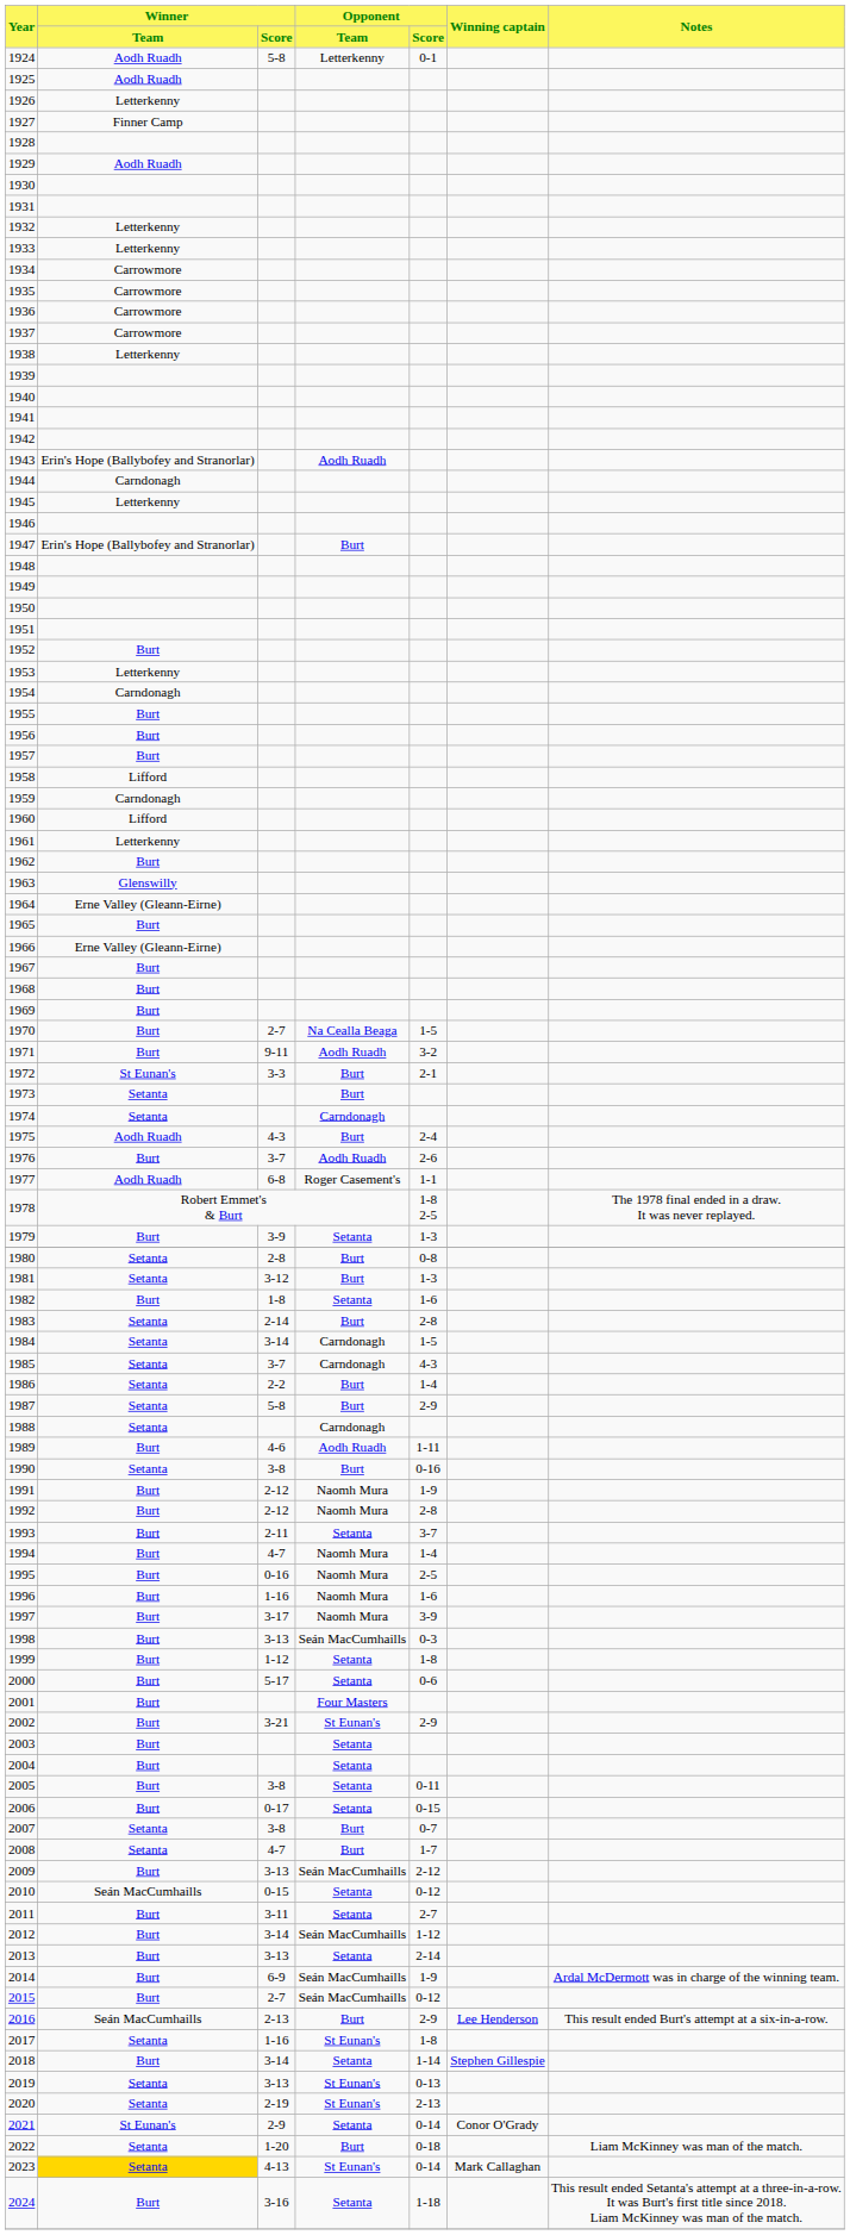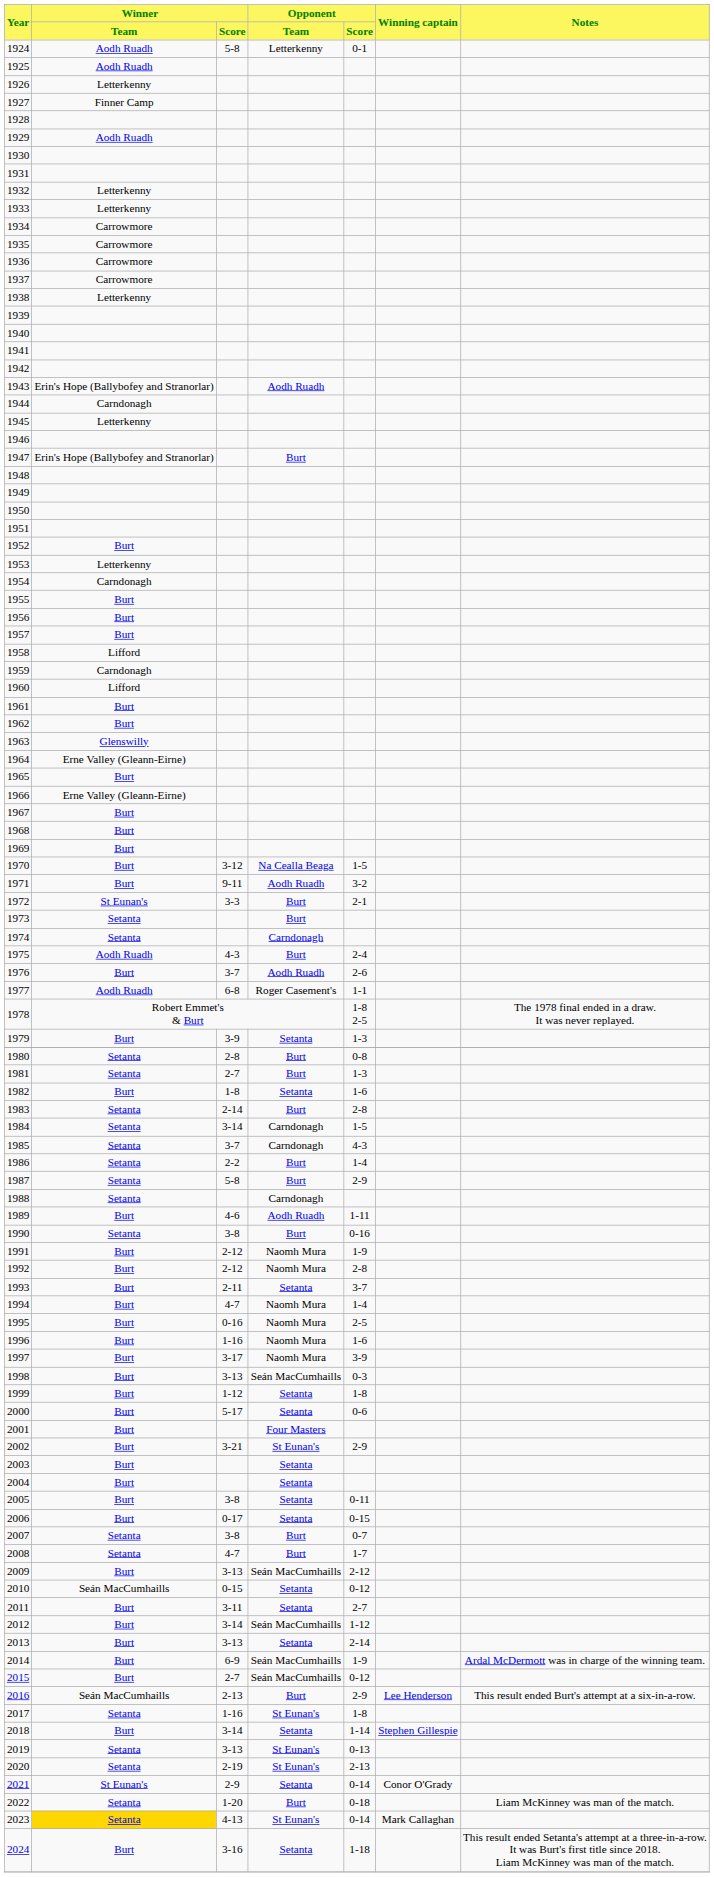 <table class="wikitable sortable" style="text-align:center;">
 <tr>
 <th rowspan="2" style="background:#FCF75E;color:green;">Year</th>
 <th colspan="2" style="background:#FCF75E;color:green;">Winner</th>
 <th colspan="2" style="background:#FCF75E;color:green;">Opponent</th>
 <th rowspan="2" style="background:#FCF75E;color:green;">Winning captain</th>
 <th rowspan="2" style="background:#FCF75E;color:green;">Notes</th>
 </tr>
 <tr>
 <th style="background:#FCF75E;color:green;">Team</th>
 <th style="background:#FCF75E;color:green;">Score</th>
 <th style="background:#FCF75E;color:green;">Team</th>
 <th style="background:#FCF75E;color:green;">Score<br></th>
 </tr>
 <tr>
 <td>1924</td>
 <td><a href='#'>Aodh Ruadh</a></td>
 <td>5-8</td>
 <td>Letterkenny</td>
 <td>0-1</td>
 <td></td>
 <td></td>
 </tr>
 <tr>
 <td>1925</td>
 <td><a href='#'>Aodh Ruadh</a></td>
 <td></td>
 <td></td>
 <td></td>
 <td></td>
 <td></td>
 </tr>
 <tr>
 <td>1926</td>
 <td>Letterkenny</td>
 <td></td>
 <td></td>
 <td></td>
 <td></td>
 <td></td>
 </tr>
 <tr>
 <td>1927</td>
 <td>Finner Camp</td>
 <td></td>
 <td></td>
 <td></td>
 <td></td>
 <td></td>
 </tr>
 <tr>
 <td>1928</td>
 <td></td>
 <td></td>
 <td></td>
 <td></td>
 <td></td>
 <td></td>
 </tr>
 <tr>
 <td>1929</td>
 <td><a href='#'>Aodh Ruadh</a></td>
 <td></td>
 <td></td>
 <td></td>
 <td></td>
 <td><br></td>
 </tr>
 <tr>
 <td>1930</td>
 <td></td>
 <td></td>
 <td></td>
 <td></td>
 <td></td>
 <td></td>
 </tr>
 <tr>
 <td>1931</td>
 <td></td>
 <td></td>
 <td></td>
 <td></td>
 <td></td>
 <td></td>
 </tr>
 <tr>
 <td>1932</td>
 <td>Letterkenny</td>
 <td></td>
 <td></td>
 <td></td>
 <td></td>
 <td></td>
 </tr>
 <tr>
 <td>1933</td>
 <td>Letterkenny</td>
 <td></td>
 <td></td>
 <td></td>
 <td></td>
 <td></td>
 </tr>
 <tr>
 <td>1934</td>
 <td>Carrowmore</td>
 <td></td>
 <td></td>
 <td></td>
 <td></td>
 <td></td>
 </tr>
 <tr>
 <td>1935</td>
 <td>Carrowmore</td>
 <td></td>
 <td></td>
 <td></td>
 <td></td>
 <td></td>
 </tr>
 <tr>
 <td>1936</td>
 <td>Carrowmore</td>
 <td></td>
 <td></td>
 <td></td>
 <td></td>
 <td></td>
 </tr>
 <tr>
 <td>1937</td>
 <td>Carrowmore</td>
 <td></td>
 <td></td>
 <td></td>
 <td></td>
 <td></td>
 </tr>
 <tr>
 <td>1938</td>
 <td>Letterkenny</td>
 <td></td>
 <td></td>
 <td></td>
 <td></td>
 <td></td>
 </tr>
 <tr>
 <td>1939</td>
 <td></td>
 <td></td>
 <td></td>
 <td></td>
 <td></td>
 <td><br></td>
 </tr>
 <tr>
 <td>1940</td>
 <td></td>
 <td></td>
 <td></td>
 <td></td>
 <td></td>
 <td></td>
 </tr>
 <tr>
 <td>1941</td>
 <td></td>
 <td></td>
 <td></td>
 <td></td>
 <td></td>
 <td></td>
 </tr>
 <tr>
 <td>1942</td>
 <td></td>
 <td></td>
 <td></td>
 <td></td>
 <td></td>
 <td></td>
 </tr>
 <tr>
 <td>1943</td>
 <td>Erin's Hope (Ballybofey and Stranorlar)</td>
 <td></td>
 <td><a href='#'>Aodh Ruadh</a></td>
 <td></td>
 <td></td>
 <td></td>
 </tr>
 <tr>
 <td>1944</td>
 <td>Carndonagh</td>
 <td></td>
 <td></td>
 <td></td>
 <td></td>
 <td></td>
 </tr>
 <tr>
 <td>1945</td>
 <td>Letterkenny</td>
 <td></td>
 <td></td>
 <td></td>
 <td></td>
 <td></td>
 </tr>
 <tr>
 <td>1946</td>
 <td></td>
 <td></td>
 <td></td>
 <td></td>
 <td></td>
 <td></td>
 </tr>
 <tr>
 <td>1947</td>
 <td>Erin's Hope (Ballybofey and Stranorlar)</td>
 <td></td>
 <td><a href='#'>Burt</a></td>
 <td></td>
 <td></td>
 <td></td>
 </tr>
 <tr>
 <td>1948</td>
 <td></td>
 <td></td>
 <td></td>
 <td></td>
 <td></td>
 <td></td>
 </tr>
 <tr>
 <td>1949</td>
 <td></td>
 <td></td>
 <td></td>
 <td></td>
 <td></td>
 <td><br></td>
 </tr>
 <tr>
 <td>1950</td>
 <td></td>
 <td></td>
 <td></td>
 <td></td>
 <td></td>
 <td></td>
 </tr>
 <tr>
 <td>1951</td>
 <td></td>
 <td></td>
 <td></td>
 <td></td>
 <td></td>
 <td></td>
 </tr>
 <tr>
 <td>1952</td>
 <td><a href='#'>Burt</a></td>
 <td></td>
 <td></td>
 <td></td>
 <td></td>
 <td></td>
 </tr>
 <tr>
 <td>1953</td>
 <td>Letterkenny</td>
 <td></td>
 <td></td>
 <td></td>
 <td></td>
 <td></td>
 </tr>
 <tr>
 <td>1954</td>
 <td>Carndonagh</td>
 <td></td>
 <td></td>
 <td></td>
 <td></td>
 <td></td>
 </tr>
 <tr>
 <td>1955</td>
 <td><a href='#'>Burt</a></td>
 <td></td>
 <td></td>
 <td></td>
 <td></td>
 <td></td>
 </tr>
 <tr>
 <td>1956</td>
 <td><a href='#'>Burt</a></td>
 <td></td>
 <td></td>
 <td></td>
 <td></td>
 <td></td>
 </tr>
 <tr>
 <td>1957</td>
 <td><a href='#'>Burt</a></td>
 <td></td>
 <td></td>
 <td></td>
 <td></td>
 <td></td>
 </tr>
 <tr>
 <td>1958</td>
 <td>Lifford</td>
 <td></td>
 <td></td>
 <td></td>
 <td></td>
 <td></td>
 </tr>
 <tr>
 <td>1959</td>
 <td>Carndonagh</td>
 <td></td>
 <td></td>
 <td></td>
 <td></td>
 <td><br></td>
 </tr>
 <tr>
 <td>1960</td>
 <td>Lifford</td>
 <td></td>
 <td></td>
 <td></td>
 <td></td>
 <td></td>
 </tr>
 <tr>
 <td>1961</td>
-<td>Letterkenny</td>
+<td><a href='#'>Burt</a></td>
 <td></td>
 <td></td>
 <td></td>
 <td></td>
 <td></td>
 </tr>
 <tr>
 <td>1962</td>
 <td><a href='#'>Burt</a></td>
 <td></td>
 <td></td>
 <td></td>
 <td></td>
 <td></td>
 </tr>
 <tr>
 <td>1963</td>
 <td><a href='#'>Glenswilly</a></td>
 <td></td>
 <td></td>
 <td></td>
 <td></td>
 <td></td>
 </tr>
 <tr>
 <td>1964</td>
 <td>Erne Valley (Gleann-Eirne)</td>
 <td></td>
 <td></td>
 <td></td>
 <td></td>
 <td></td>
 </tr>
 <tr>
 <td>1965</td>
 <td><a href='#'>Burt</a></td>
 <td></td>
 <td></td>
 <td></td>
 <td></td>
 <td></td>
 </tr>
 <tr>
 <td>1966</td>
 <td>Erne Valley (Gleann-Eirne)</td>
 <td></td>
 <td></td>
 <td></td>
 <td></td>
 <td></td>
 </tr>
 <tr>
 <td>1967</td>
 <td><a href='#'>Burt</a></td>
 <td></td>
 <td></td>
 <td></td>
 <td></td>
 <td></td>
 </tr>
 <tr>
 <td>1968</td>
 <td><a href='#'>Burt</a></td>
 <td></td>
 <td></td>
 <td></td>
 <td></td>
 <td></td>
 </tr>
 <tr>
 <td>1969</td>
 <td><a href='#'>Burt</a></td>
 <td></td>
 <td></td>
 <td></td>
 <td></td>
 <td><br></td>
 </tr>
 <tr>
 <td>1970</td>
 <td><a href='#'>Burt</a></td>
-<td>2-7</td>
+<td>3-12</td>
 <td><a href='#'>Na Cealla Beaga</a></td>
 <td>1-5</td>
 <td></td>
 <td></td>
 </tr>
 <tr>
 <td>1971</td>
 <td><a href='#'>Burt</a></td>
 <td>9-11</td>
 <td><a href='#'>Aodh Ruadh</a></td>
 <td>3-2</td>
 <td></td>
 <td></td>
 </tr>
 <tr>
 <td>1972</td>
 <td><a href='#'>St Eunan's</a></td>
 <td>3-3</td>
 <td><a href='#'>Burt</a></td>
 <td>2-1</td>
 <td></td>
 <td></td>
 </tr>
 <tr>
 <td>1973</td>
 <td><a href='#'>Setanta</a></td>
 <td></td>
 <td><a href='#'>Burt</a></td>
 <td></td>
 <td></td>
 <td></td>
 </tr>
 <tr>
 <td>1974</td>
 <td><a href='#'>Setanta</a></td>
 <td></td>
 <td><a href='#'>Carndonagh</a></td>
 <td></td>
 <td></td>
 <td></td>
 </tr>
 <tr>
 <td>1975</td>
 <td><a href='#'>Aodh Ruadh</a></td>
 <td>4-3</td>
 <td><a href='#'>Burt</a></td>
 <td>2-4</td>
 <td></td>
 <td></td>
 </tr>
 <tr>
 <td>1976</td>
 <td><a href='#'>Burt</a></td>
 <td>3-7</td>
 <td><a href='#'>Aodh Ruadh</a></td>
 <td>2-6</td>
 <td></td>
 <td></td>
 </tr>
 <tr>
 <td>1977</td>
 <td><a href='#'>Aodh Ruadh</a></td>
 <td>6-8</td>
 <td>Roger Casement's</td>
 <td>1-1</td>
 <td></td>
 <td></td>
 </tr>
 <tr>
 <td>1978</td>
 <td colspan="3">Robert Emmet's<br>& <a href='#'>Burt</a></td>
 <td>1-8<br>2-5</td>
 <td></td>
 <td>The 1978 final ended in a draw.<br>It was never replayed.</td>
 </tr>
 <tr>
 <td>1979</td>
 <td><a href='#'>Burt</a></td>
 <td>3-9</td>
 <td><a href='#'>Setanta</a></td>
 <td>1-3</td>
 <td></td>
 <td></td>
 </tr>
 <tr>
 </tr>
 <tr>
 <td>1980</td>
 <td><a href='#'>Setanta</a></td>
 <td>2-8</td>
 <td><a href='#'>Burt</a></td>
 <td>0-8</td>
 <td></td>
 <td></td>
 </tr>
 <tr>
 <td>1981</td>
 <td><a href='#'>Setanta</a></td>
-<td>3-12</td>
+<td>2-7</td>
 <td><a href='#'>Burt</a></td>
 <td>1-3</td>
 <td></td>
 <td></td>
 </tr>
 <tr>
 <td>1982</td>
 <td><a href='#'>Burt</a></td>
 <td>1-8</td>
 <td><a href='#'>Setanta</a></td>
 <td>1-6</td>
 <td></td>
 <td></td>
 </tr>
 <tr>
 <td>1983</td>
 <td><a href='#'>Setanta</a></td>
 <td>2-14</td>
 <td><a href='#'>Burt</a></td>
 <td>2-8</td>
 <td></td>
 <td></td>
 </tr>
 <tr>
 <td>1984</td>
 <td><a href='#'>Setanta</a></td>
 <td>3-14</td>
 <td>Carndonagh</td>
 <td>1-5</td>
 <td></td>
 <td></td>
 </tr>
 <tr>
 <td>1985</td>
 <td><a href='#'>Setanta</a></td>
 <td>3-7</td>
 <td>Carndonagh</td>
 <td>4-3</td>
 <td></td>
 <td></td>
 </tr>
 <tr>
 <td>1986</td>
 <td><a href='#'>Setanta</a></td>
 <td>2-2</td>
 <td><a href='#'>Burt</a></td>
 <td>1-4</td>
 <td></td>
 <td></td>
 </tr>
 <tr>
 <td>1987</td>
 <td><a href='#'>Setanta</a></td>
 <td>5-8</td>
 <td><a href='#'>Burt</a></td>
 <td>2-9</td>
 <td></td>
 <td></td>
 </tr>
 <tr>
 <td>1988</td>
 <td><a href='#'>Setanta</a></td>
 <td></td>
 <td>Carndonagh</td>
 <td></td>
 <td></td>
 <td></td>
 </tr>
 <tr>
 <td>1989</td>
 <td><a href='#'>Burt</a></td>
 <td>4-6</td>
 <td><a href='#'>Aodh Ruadh</a></td>
 <td>1-11</td>
 <td></td>
 <td><br></td>
 </tr>
 <tr>
 <td>1990</td>
 <td><a href='#'>Setanta</a></td>
 <td>3-8</td>
 <td><a href='#'>Burt</a></td>
 <td>0-16</td>
 <td></td>
 <td></td>
 </tr>
 <tr>
 <td>1991</td>
 <td><a href='#'>Burt</a></td>
 <td>2-12</td>
 <td>Naomh Mura</td>
 <td>1-9</td>
 <td></td>
 <td></td>
 </tr>
 <tr>
 <td>1992</td>
 <td><a href='#'>Burt</a></td>
 <td>2-12</td>
 <td>Naomh Mura</td>
 <td>2-8</td>
 <td></td>
 <td></td>
 </tr>
 <tr>
 <td>1993</td>
 <td><a href='#'>Burt</a></td>
 <td>2-11</td>
 <td><a href='#'>Setanta</a></td>
 <td>3-7</td>
 <td></td>
 <td></td>
 </tr>
 <tr>
 <td>1994</td>
 <td><a href='#'>Burt</a></td>
 <td>4-7</td>
 <td>Naomh Mura</td>
 <td>1-4</td>
 <td></td>
 <td></td>
 </tr>
 <tr>
 <td>1995</td>
 <td><a href='#'>Burt</a></td>
 <td>0-16</td>
 <td>Naomh Mura</td>
 <td>2-5</td>
 <td></td>
 <td></td>
 </tr>
 <tr>
 <td>1996</td>
 <td><a href='#'>Burt</a></td>
 <td>1-16</td>
 <td>Naomh Mura</td>
 <td>1-6</td>
 <td></td>
 <td></td>
 </tr>
 <tr>
 <td>1997</td>
 <td><a href='#'>Burt</a></td>
 <td>3-17</td>
 <td>Naomh Mura</td>
 <td>3-9</td>
 <td></td>
 <td></td>
 </tr>
 <tr>
 <td>1998</td>
 <td><a href='#'>Burt</a></td>
 <td>3-13</td>
 <td>Seán MacCumhaills</td>
 <td>0-3</td>
 <td></td>
 <td></td>
 </tr>
 <tr>
 <td>1999</td>
 <td><a href='#'>Burt</a></td>
 <td>1-12</td>
 <td><a href='#'>Setanta</a></td>
 <td>1-8</td>
 <td></td>
 <td><br></td>
 </tr>
 <tr>
 <td>2000</td>
 <td><a href='#'>Burt</a></td>
 <td>5-17</td>
 <td><a href='#'>Setanta</a></td>
 <td>0-6</td>
 <td></td>
 <td></td>
 </tr>
 <tr>
 <td>2001</td>
 <td><a href='#'>Burt</a></td>
 <td></td>
 <td><a href='#'>Four Masters</a></td>
 <td></td>
 <td></td>
 <td></td>
 </tr>
 <tr>
 <td>2002</td>
 <td><a href='#'>Burt</a></td>
 <td>3-21</td>
 <td><a href='#'>St Eunan's</a></td>
 <td>2-9</td>
 <td></td>
 <td></td>
 </tr>
 <tr>
 <td>2003</td>
 <td><a href='#'>Burt</a></td>
 <td></td>
 <td><a href='#'>Setanta</a></td>
 <td></td>
 <td></td>
 <td></td>
 </tr>
 <tr>
 <td>2004</td>
 <td><a href='#'>Burt</a></td>
 <td></td>
 <td><a href='#'>Setanta</a></td>
 <td></td>
 <td></td>
 <td></td>
 </tr>
 <tr>
 <td>2005</td>
 <td><a href='#'>Burt</a></td>
 <td>3-8</td>
 <td><a href='#'>Setanta</a></td>
 <td>0-11</td>
 <td></td>
 <td></td>
 </tr>
 <tr>
 <td>2006</td>
 <td><a href='#'>Burt</a></td>
 <td>0-17</td>
 <td><a href='#'>Setanta</a></td>
 <td>0-15</td>
 <td></td>
 <td></td>
 </tr>
 <tr>
 <td>2007</td>
 <td><a href='#'>Setanta</a></td>
 <td>3-8</td>
 <td><a href='#'>Burt</a></td>
 <td>0-7</td>
 <td></td>
 <td></td>
 </tr>
 <tr>
 <td>2008</td>
 <td><a href='#'>Setanta</a></td>
 <td>4-7</td>
 <td><a href='#'>Burt</a></td>
 <td>1-7</td>
 <td></td>
 <td></td>
 </tr>
 <tr>
 <td>2009</td>
 <td><a href='#'>Burt</a></td>
 <td>3-13</td>
 <td>Seán MacCumhaills</td>
 <td>2-12</td>
 <td></td>
 <td><br></td>
 </tr>
 <tr>
 <td>2010</td>
 <td>Seán MacCumhaills</td>
 <td>0-15</td>
 <td><a href='#'>Setanta</a></td>
 <td>0-12</td>
 <td></td>
 <td></td>
 </tr>
 <tr>
 <td>2011</td>
 <td><a href='#'>Burt</a></td>
 <td>3-11</td>
 <td><a href='#'>Setanta</a></td>
 <td>2-7</td>
 <td></td>
 <td></td>
 </tr>
 <tr>
 <td>2012</td>
 <td><a href='#'>Burt</a></td>
 <td>3-14</td>
 <td>Seán MacCumhaills</td>
 <td>1-12</td>
 <td></td>
 <td></td>
 </tr>
 <tr>
 <td>2013</td>
 <td><a href='#'>Burt</a></td>
 <td>3-13</td>
 <td><a href='#'>Setanta</a></td>
 <td>2-14</td>
 <td></td>
 <td></td>
 </tr>
 <tr>
 <td>2014</td>
 <td><a href='#'>Burt</a></td>
 <td>6-9</td>
 <td>Seán MacCumhaills</td>
 <td>1-9</td>
 <td></td>
 <td><a href='#'>Ardal McDermott</a> was in charge of the winning team.</td>
 </tr>
 <tr>
 <td><a href='#'>2015</a></td>
 <td><a href='#'>Burt</a></td>
 <td>2-7</td>
 <td>Seán MacCumhaills</td>
 <td>0-12</td>
 <td></td>
 <td></td>
 </tr>
 <tr>
 <td><a href='#'>2016</a></td>
 <td>Seán MacCumhaills</td>
 <td>2-13</td>
 <td><a href='#'>Burt</a></td>
 <td>2-9</td>
 <td><a href='#'>Lee Henderson</a></td>
 <td>This result ended Burt's attempt at a six-in-a-row.</td>
 </tr>
 <tr>
 <td>2017</td>
 <td><a href='#'>Setanta</a></td>
 <td>1-16</td>
 <td><a href='#'>St Eunan's</a></td>
 <td>1-8</td>
 <td></td>
 <td></td>
 </tr>
 <tr>
 <td>2018</td>
 <td><a href='#'>Burt</a></td>
 <td>3-14</td>
 <td><a href='#'>Setanta</a></td>
 <td>1-14</td>
 <td><a href='#'>Stephen Gillespie</a></td>
 <td></td>
 </tr>
 <tr>
 <td>2019</td>
 <td><a href='#'>Setanta</a></td>
 <td>3-13</td>
 <td><a href='#'>St Eunan's</a></td>
 <td>0-13</td>
 <td></td>
 <td><br></td>
 </tr>
 <tr>
 <td>2020</td>
 <td><a href='#'>Setanta</a></td>
 <td>2-19</td>
 <td><a href='#'>St Eunan's</a></td>
 <td>2-13</td>
 <td></td>
 <td></td>
 </tr>
 <tr>
 <td><a href='#'>2021</a></td>
 <td><a href='#'>St Eunan's</a></td>
 <td>2-9</td>
 <td><a href='#'>Setanta</a></td>
 <td>0-14</td>
 <td>Conor O'Grady</td>
 <td></td>
 </tr>
 <tr>
 <td>2022</td>
 <td><a href='#'>Setanta</a></td>
 <td>1-20</td>
 <td><a href='#'>Burt</a></td>
 <td>0-18</td>
 <td></td>
 <td>Liam McKinney was man of the match.</td>
 </tr>
 <tr>
 <td>2023</td>
 <td bgcolor=gold><a href='#'>Setanta</a></td>
 <td>4-13</td>
 <td><a href='#'>St Eunan's</a></td>
 <td>0-14</td>
 <td>Mark Callaghan</td>
 <td></td>
 </tr>
 <tr>
 <td><a href='#'>2024</a></td>
 <td><a href='#'>Burt</a></td>
 <td>3-16</td>
 <td><a href='#'>Setanta</a></td>
 <td>1-18</td>
 <td></td>
 <td>This result ended Setanta's attempt at a three-in-a-row.<br>It was Burt's first title since 2018.<br>Liam McKinney was man of the match.</td>
 </tr>
 <tr>
 </tr>
 </table>
